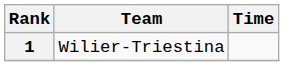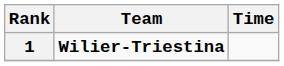 <table class="wikitable">
 <tr>
 <th scope="col">Rank</th>
 <th scope="col">Team</th>
 <th scope="col">Time</th>
 </tr>
 <tr>
 <th scope=“row”>1</th>
-<td>Wilier-Triestina</td>
+<td><strong>Wilier-Triestina</strong></td>
 <td align="right"></td>
 </tr>
 <tr>
 </tr>
 </table>
